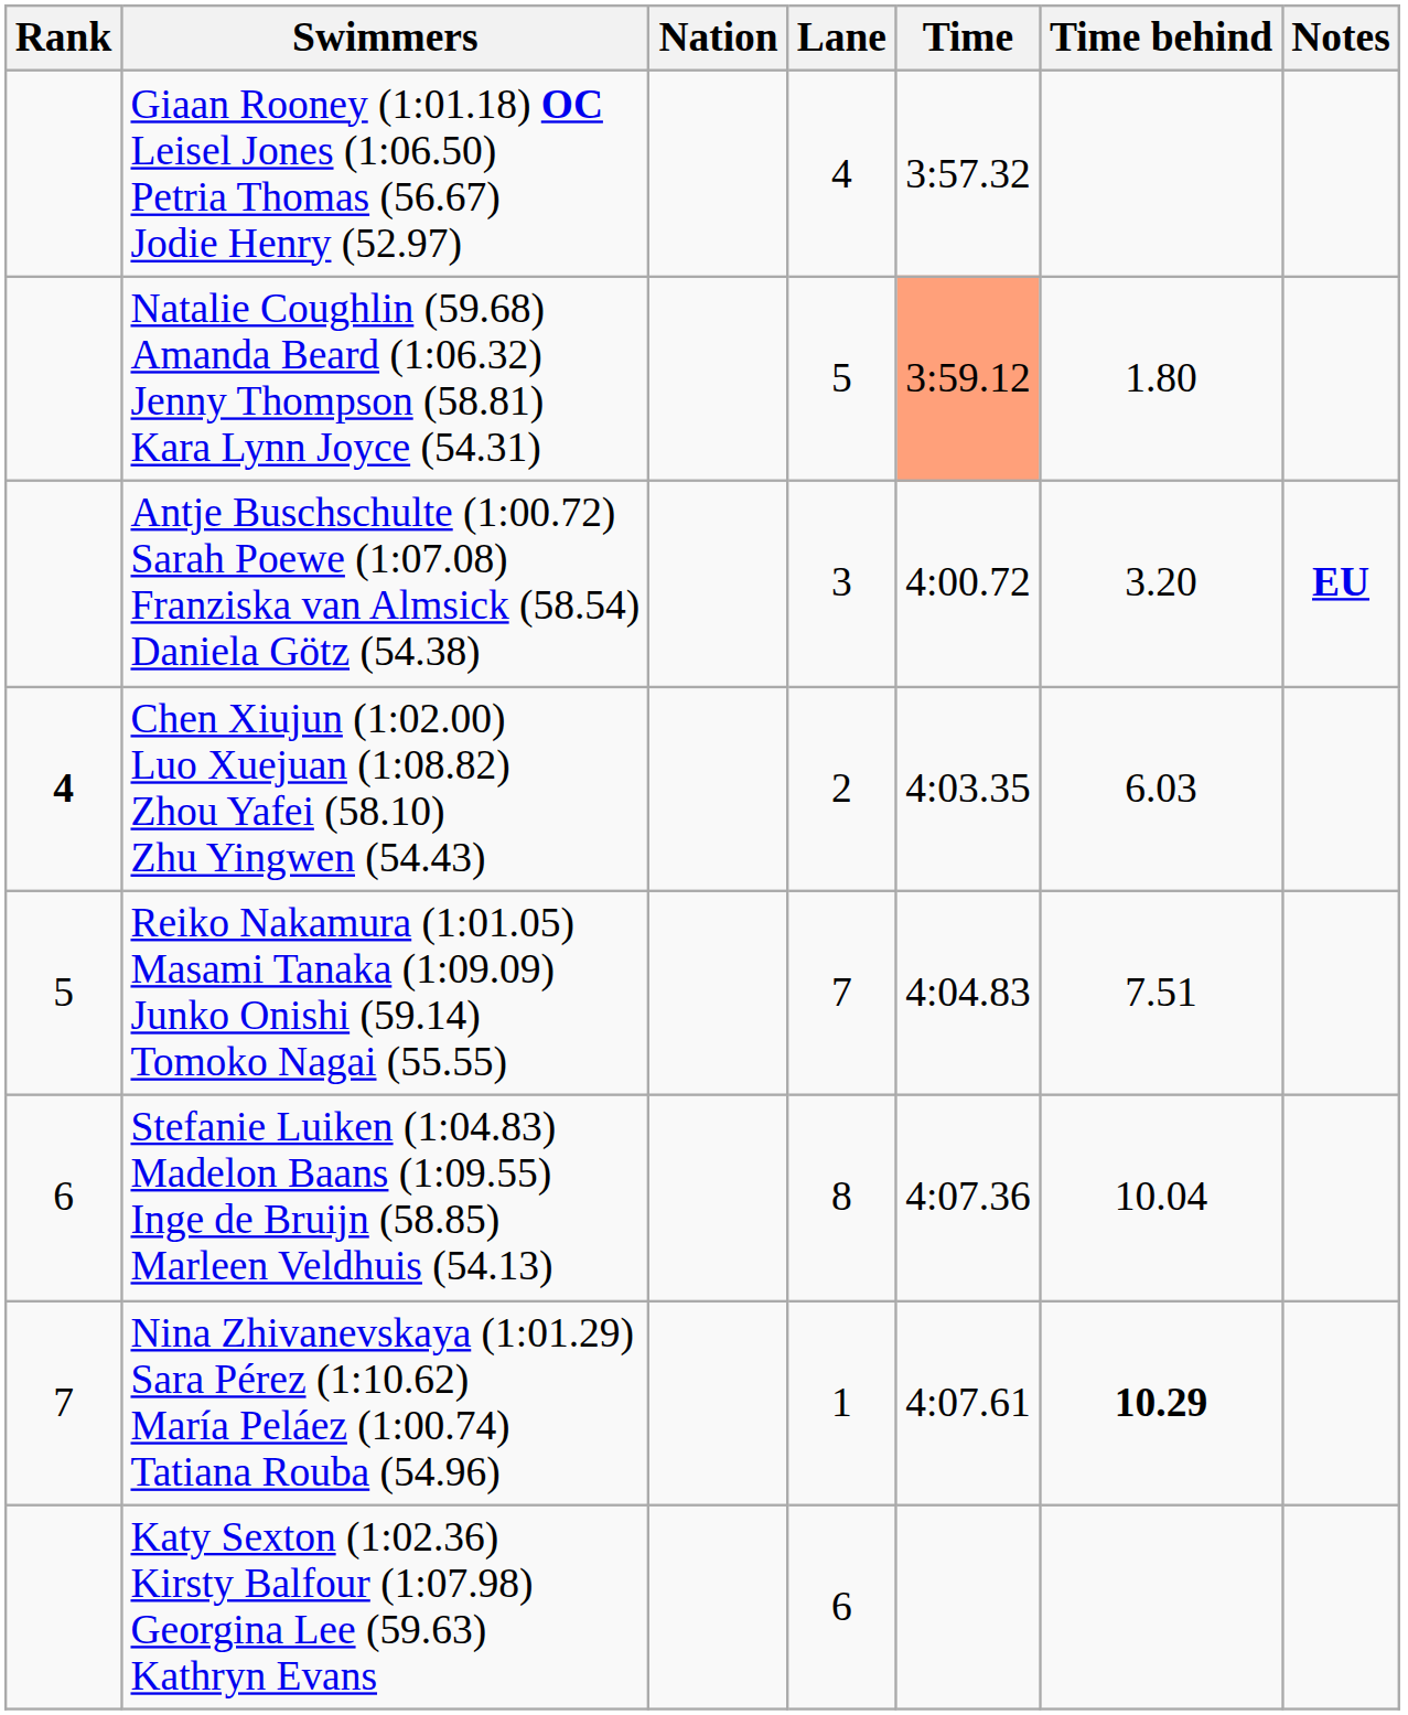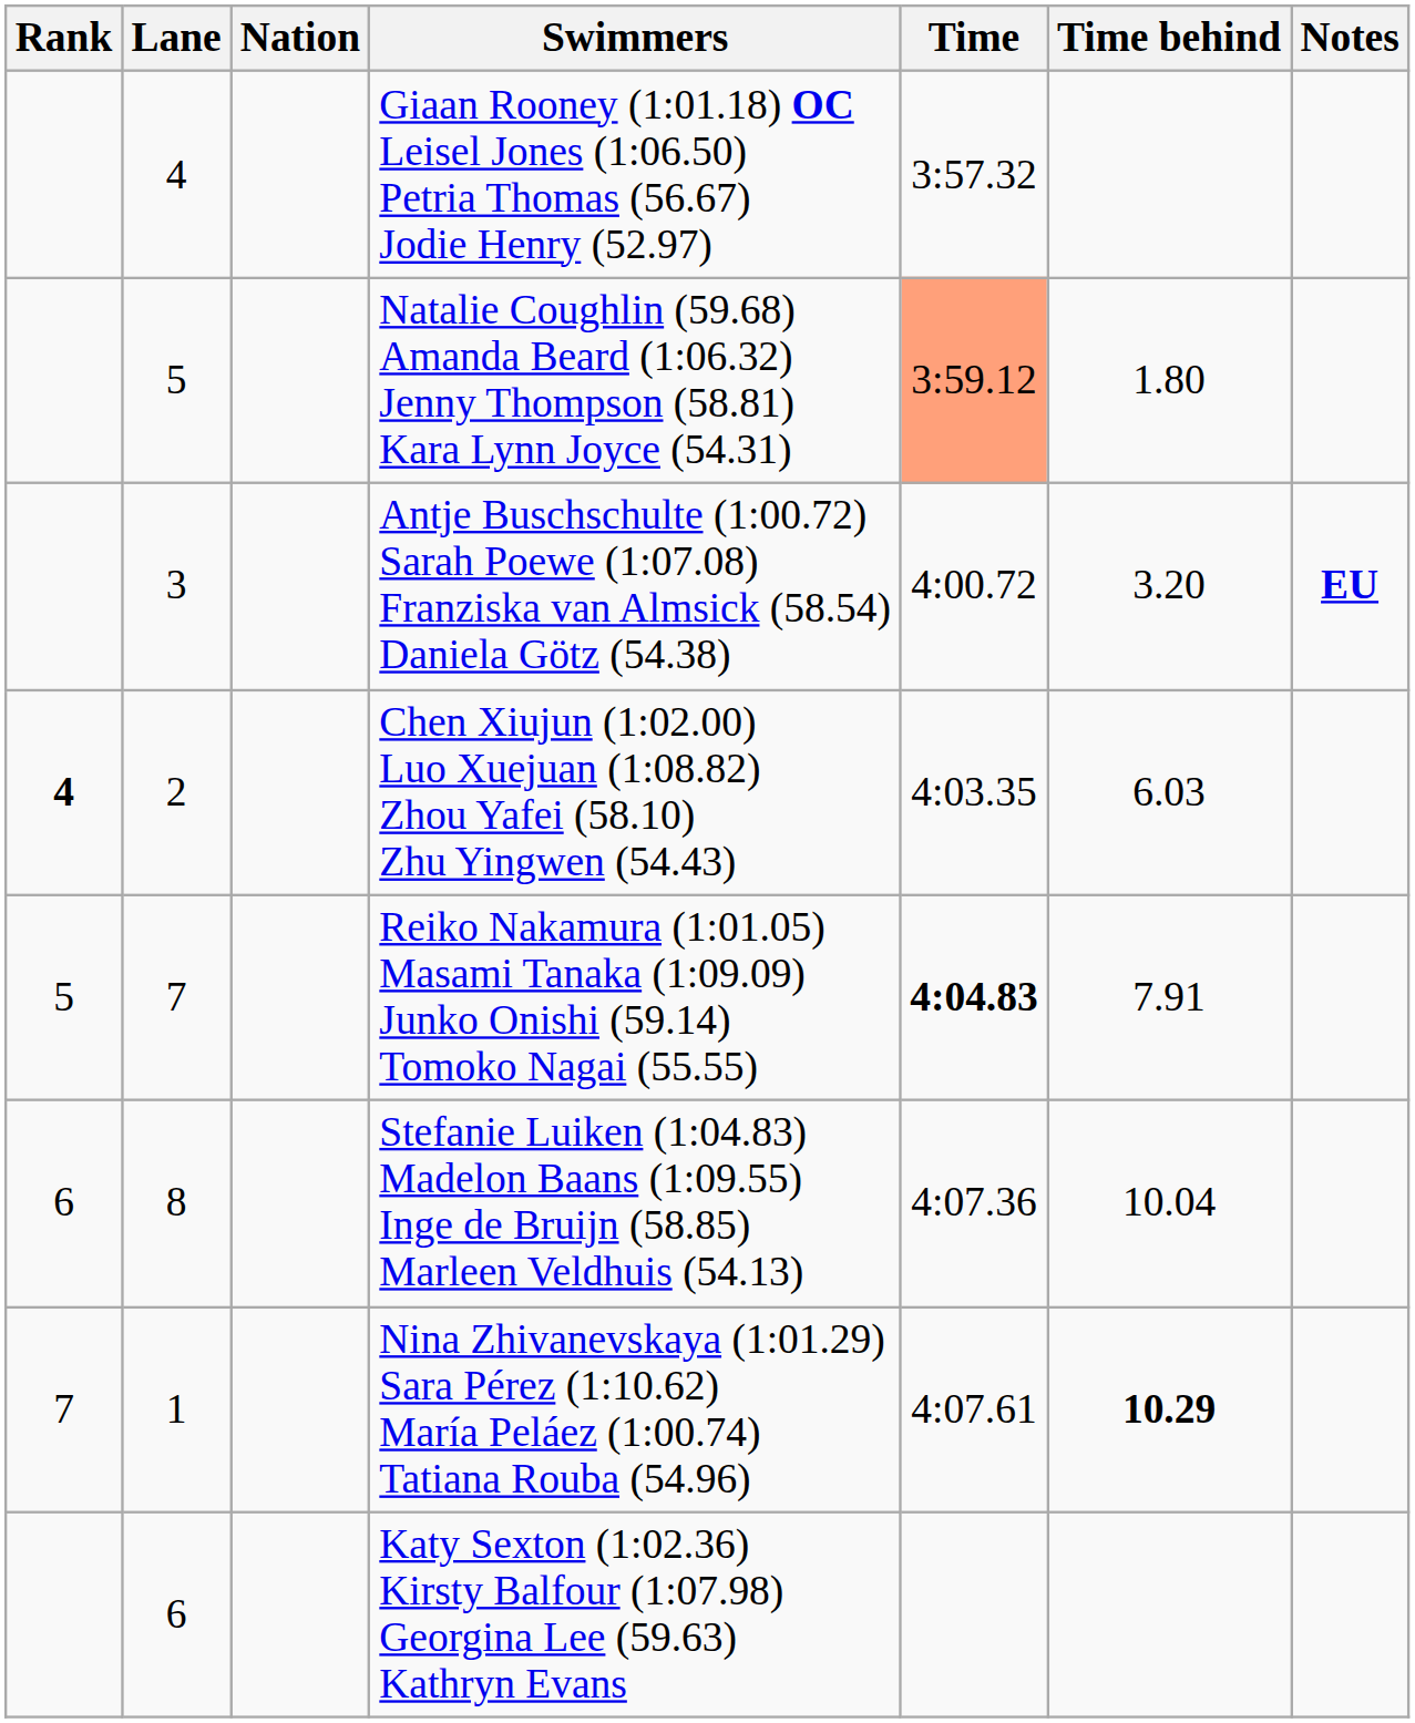 <table class="wikitable sortable" style="text-align:center">
 <tr>
 <th>Rank</th>
+<th>Lane</th>
+<th>Nation</th>
 <th>Swimmers</th>
-<th>Nation</th>
-<th>Lane</th>
 <th>Time</th>
 <th>Time behind</th>
 <th>Notes</th>
 </tr>
 <tr>
 <td></td>
+<td>4</td>
+<td align=left></td>
 <td align=left><a href='#'>Giaan Rooney</a> (1:01.18) <strong><a href='#'>OC</a></strong><br><a href='#'>Leisel Jones</a> (1:06.50)<br><a href='#'>Petria Thomas</a> (56.67)<br><a href='#'>Jodie Henry</a> (52.97)</td>
-<td align=left></td>
-<td>4</td>
 <td>3:57.32</td>
 <td></td>
 <td></td>
 </tr>
 <tr>
 <td></td>
+<td>5</td>
+<td align=left></td>
 <td align=left><a href='#'>Natalie Coughlin</a> (59.68) <br><a href='#'>Amanda Beard</a> (1:06.32)<br><a href='#'>Jenny Thompson</a> (58.81)<br><a href='#'>Kara Lynn Joyce</a> (54.31)</td>
-<td align=left></td>
-<td>5</td>
 <td style="background: lightsalmon;">3:59.12</td>
 <td>1.80</td>
 <td></td>
 </tr>
 <tr>
 <td></td>
+<td>3</td>
+<td align=left></td>
 <td align=left><a href='#'>Antje Buschschulte</a> (1:00.72)<br><a href='#'>Sarah Poewe</a> (1:07.08)<br><a href='#'>Franziska van Almsick</a> (58.54)<br><a href='#'>Daniela Götz</a> (54.38)</td>
-<td align=left></td>
-<td>3</td>
 <td>4:00.72</td>
 <td>3.20</td>
 <td><strong><a href='#'>EU</a></strong></td>
 </tr>
 <tr>
 <td><strong>4</strong></td>
+<td>2</td>
+<td align=left></td>
 <td align=left><a href='#'>Chen Xiujun</a> (1:02.00)<br><a href='#'>Luo Xuejuan</a> (1:08.82)<br><a href='#'>Zhou Yafei</a> (58.10)<br><a href='#'>Zhu Yingwen</a> (54.43)</td>
-<td align=left></td>
-<td>2</td>
 <td>4:03.35</td>
 <td>6.03</td>
 <td></td>
 </tr>
 <tr>
 <td>5</td>
+<td>7</td>
+<td align=left></td>
 <td align=left><a href='#'>Reiko Nakamura</a> (1:01.05)<br><a href='#'>Masami Tanaka</a> (1:09.09)<br><a href='#'>Junko Onishi</a> (59.14)<br><a href='#'>Tomoko Nagai</a> (55.55)</td>
-<td align=left></td>
-<td>7</td>
-<td>4:04.83</td>
-<td>7.51</td>
+<td><strong>4:04.83</strong></td>
+<td>7.91</td>
 <td></td>
 </tr>
 <tr>
 <td>6</td>
+<td>8</td>
+<td align=left></td>
 <td align=left><a href='#'>Stefanie Luiken</a> (1:04.83)<br><a href='#'>Madelon Baans</a> (1:09.55)<br><a href='#'>Inge de Bruijn</a> (58.85)<br><a href='#'>Marleen Veldhuis</a> (54.13)</td>
-<td align=left></td>
-<td>8</td>
 <td>4:07.36</td>
 <td>10.04</td>
 <td></td>
 </tr>
 <tr>
 <td>7</td>
+<td>1</td>
+<td align=left></td>
 <td align=left><a href='#'>Nina Zhivanevskaya</a> (1:01.29)<br><a href='#'>Sara Pérez</a> (1:10.62)<br><a href='#'>María Peláez</a> (1:00.74)<br><a href='#'>Tatiana Rouba</a> (54.96)</td>
-<td align=left></td>
-<td>1</td>
 <td>4:07.61</td>
 <td><strong>10.29</strong></td>
 <td></td>
 </tr>
 <tr>
 <td></td>
+<td>6</td>
+<td align=left></td>
 <td align=left><a href='#'>Katy Sexton</a> (1:02.36)<br><a href='#'>Kirsty Balfour</a> (1:07.98)<br><a href='#'>Georgina Lee</a> (59.63)<br><a href='#'>Kathryn Evans</a></td>
-<td align=left></td>
-<td>6</td>
 <td></td>
 <td></td>
 <td></td>
 </tr>
 </table>
